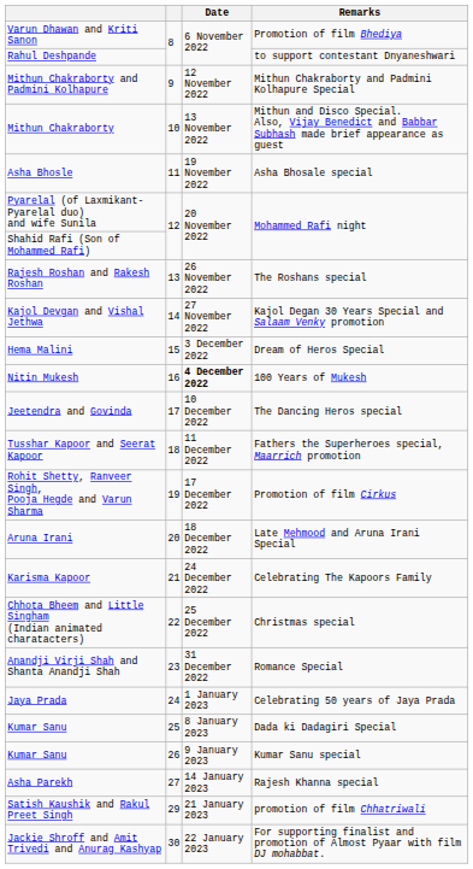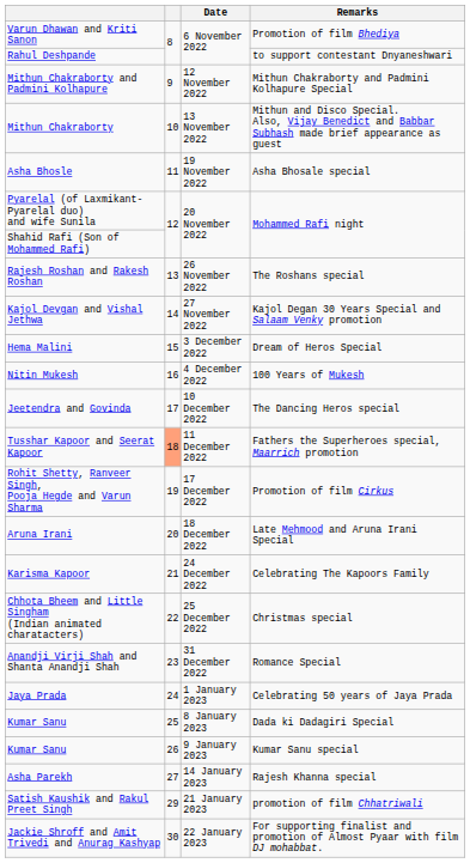 <table class="wikitable">
 <tr>
 <th></th>
 <th></th>
 <th>Date</th>
 <th>Remarks</th>
 </tr>
 <tr>
 <td><a href='#'>Varun Dhawan</a> and <a href='#'>Kriti Sanon</a></td>
 <td rowspan="2">8</td>
 <td rowspan="2">6 November 2022</td>
 <td>Promotion of film <em><a href='#'>Bhediya</a></em></td>
 </tr>
 <tr>
 <td><a href='#'>Rahul Deshpande</a></td>
 <td>to support contestant Dnyaneshwari</td>
 </tr>
 <tr>
 <td><a href='#'>Mithun Chakraborty</a> and <a href='#'>Padmini Kolhapure</a></td>
 <td>9</td>
 <td>12 November 2022</td>
 <td>Mithun Chakraborty and Padmini Kolhapure Special</td>
 </tr>
 <tr>
 <td><a href='#'>Mithun Chakraborty</a></td>
 <td>10</td>
 <td>13 November 2022</td>
 <td>Mithun and Disco Special.<br>Also, <a href='#'>Vijay Benedict</a> and <a href='#'>Babbar Subhash</a> made brief appearance as guest</td>
 </tr>
 <tr>
 <td><a href='#'>Asha Bhosle</a></td>
 <td>11</td>
 <td>19 November 2022</td>
 <td>Asha Bhosale special</td>
 </tr>
 <tr>
 <td><a href='#'>Pyarelal</a> (of Laxmikant-Pyarelal duo)<br>and wife Sunila</td>
 <td rowspan="2">12</td>
 <td rowspan="2">20 November 2022</td>
 <td rowspan="2"><a href='#'>Mohammed Rafi</a> night</td>
 </tr>
 <tr>
 <td>Shahid Rafi (Son of <a href='#'>Mohammed Rafi</a>)</td>
 </tr>
 <tr>
 <td><a href='#'>Rajesh Roshan</a> and <a href='#'>Rakesh Roshan</a></td>
 <td>13</td>
 <td>26 November 2022</td>
 <td>The Roshans special</td>
 </tr>
 <tr>
 <td><a href='#'>Kajol Devgan</a> and <a href='#'>Vishal Jethwa</a></td>
 <td>14</td>
 <td>27 November 2022</td>
 <td>Kajol Degan 30 Years Special and <em><a href='#'>Salaam Venky</a></em> promotion</td>
 </tr>
 <tr>
 <td><a href='#'>Hema Malini</a></td>
 <td>15</td>
 <td>3 December 2022</td>
 <td>Dream of Heros Special</td>
 </tr>
 <tr>
 <td><a href='#'>Nitin Mukesh</a></td>
 <td>16</td>
-<td><strong>4 December 2022</strong></td>
+<td>4 December 2022</td>
 <td>100 Years of <a href='#'>Mukesh</a></td>
 </tr>
 <tr>
 <td><a href='#'>Jeetendra</a> and <a href='#'>Govinda</a></td>
 <td>17</td>
 <td>10 December 2022</td>
 <td>The Dancing Heros special</td>
 </tr>
 <tr>
 <td><a href='#'>Tusshar Kapoor</a> and <a href='#'>Seerat Kapoor</a></td>
-<td>18</td>
+<td style="background: lightsalmon;">18</td>
 <td>11 December 2022</td>
 <td>Fathers the Superheroes special, <em><a href='#'>Maarrich</a></em> promotion</td>
 </tr>
 <tr>
 <td><a href='#'>Rohit Shetty</a>, <a href='#'>Ranveer Singh</a>,<br><a href='#'>Pooja Hegde</a> and <a href='#'>Varun Sharma</a></td>
 <td>19</td>
 <td>17 December 2022</td>
 <td>Promotion of film <em><a href='#'>Cirkus</a></em></td>
 </tr>
 <tr>
 <td><a href='#'>Aruna Irani</a></td>
 <td>20</td>
 <td>18 December 2022</td>
 <td>Late <a href='#'>Mehmood</a> and Aruna Irani Special</td>
 </tr>
 <tr>
 <td><a href='#'>Karisma Kapoor</a></td>
 <td>21</td>
 <td>24 December 2022</td>
 <td>Celebrating The Kapoors Family</td>
 </tr>
 <tr>
 <td><a href='#'>Chhota Bheem</a> and <a href='#'>Little Singham</a><br>(Indian animated charatacters)</td>
 <td>22</td>
 <td>25 December 2022</td>
 <td>Christmas special</td>
 </tr>
 <tr>
 <td><a href='#'>Anandji Virji Shah</a> and Shanta Anandji Shah</td>
 <td>23</td>
 <td>31 December 2022</td>
 <td>Romance Special</td>
 </tr>
 <tr>
 <td><a href='#'>Jaya Prada</a></td>
 <td>24</td>
 <td>1 January 2023</td>
 <td>Celebrating 50 years of Jaya Prada</td>
 </tr>
 <tr>
 <td><a href='#'>Kumar Sanu</a></td>
 <td>25</td>
 <td>8 January 2023</td>
 <td>Dada ki Dadagiri Special</td>
 </tr>
 <tr>
 <td><a href='#'>Kumar Sanu</a></td>
 <td>26</td>
 <td>9 January 2023</td>
 <td>Kumar Sanu special</td>
 </tr>
 <tr>
 <td><a href='#'>Asha Parekh</a></td>
 <td>27</td>
 <td>14 January 2023</td>
 <td>Rajesh Khanna special</td>
 </tr>
 <tr>
 <td><a href='#'>Satish Kaushik</a> and <a href='#'>Rakul Preet Singh</a></td>
 <td>29</td>
 <td>21 January 2023</td>
 <td>promotion of film <em><a href='#'>Chhatriwali</a></em></td>
 </tr>
 <tr>
 <td><a href='#'>Jackie Shroff</a> and <a href='#'>Amit Trivedi</a> and <a href='#'>Anurag Kashyap</a></td>
 <td>30</td>
 <td>22 January 2023</td>
 <td>For supporting finalist and promotion of Almost Pyaar with film <em>DJ mohabbat</em>.</td>
 </tr>
 </table>
